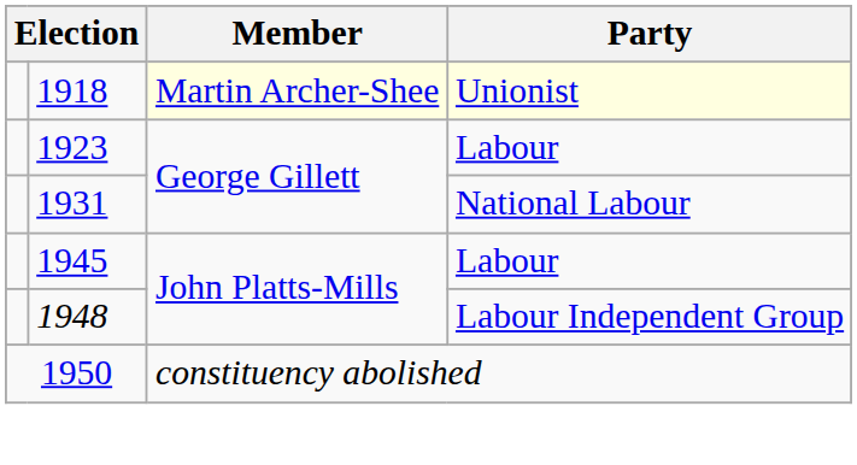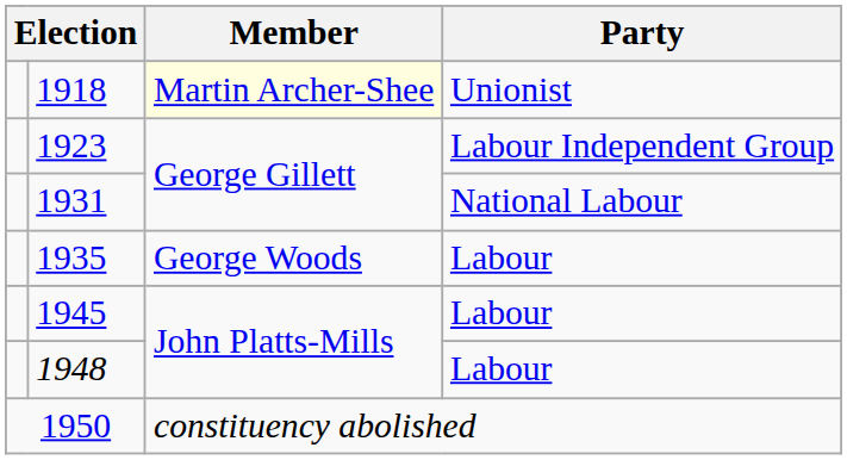 <table class="wikitable">
 <tr>
 <th colspan="2">Election</th>
 <th>Member</th>
 <th>Party</th>
 </tr>
 <tr>
 <td style="color:inherit;background-color: "></td>
 <td><a href='#'>1918</a></td>
 <td style="background: lightyellow;"><a href='#'>Martin Archer-Shee</a></td>
-<td style="background: lightyellow;"><a href='#'>Unionist</a></td>
+<td><a href='#'>Unionist</a></td>
 </tr>
 <tr>
 <td style="color:inherit;background-color: "></td>
 <td><a href='#'>1923</a></td>
 <td rowspan="2"><a href='#'>George Gillett</a></td>
-<td><a href='#'>Labour</a></td>
+<td><a href='#'>Labour Independent Group</a></td>
 </tr>
 <tr>
 <td style="color:inherit;background-color: "></td>
 <td><a href='#'>1931</a></td>
 <td><a href='#'>National Labour</a></td>
+</tr>
+<tr>
+<td style="color:inherit;background-color: "></td>
+<td><a href='#'>1935</a></td>
+<td><a href='#'>George Woods</a></td>
+<td><a href='#'>Labour</a></td>
 </tr>
 <tr>
 <td style="color:inherit;background-color: "></td>
 <td><a href='#'>1945</a></td>
 <td rowspan="2"><a href='#'>John Platts-Mills</a></td>
 <td><a href='#'>Labour</a></td>
 </tr>
 <tr>
 <td style="color:inherit;background-color: "></td>
 <td><em>1948</em></td>
-<td><a href='#'>Labour Independent Group</a></td>
+<td><a href='#'>Labour</a></td>
 </tr>
 <tr>
 <td colspan="2" align="center"><a href='#'>1950</a></td>
 <td colspan="2"><em>constituency abolished</em></td>
 </tr>
 </table>
